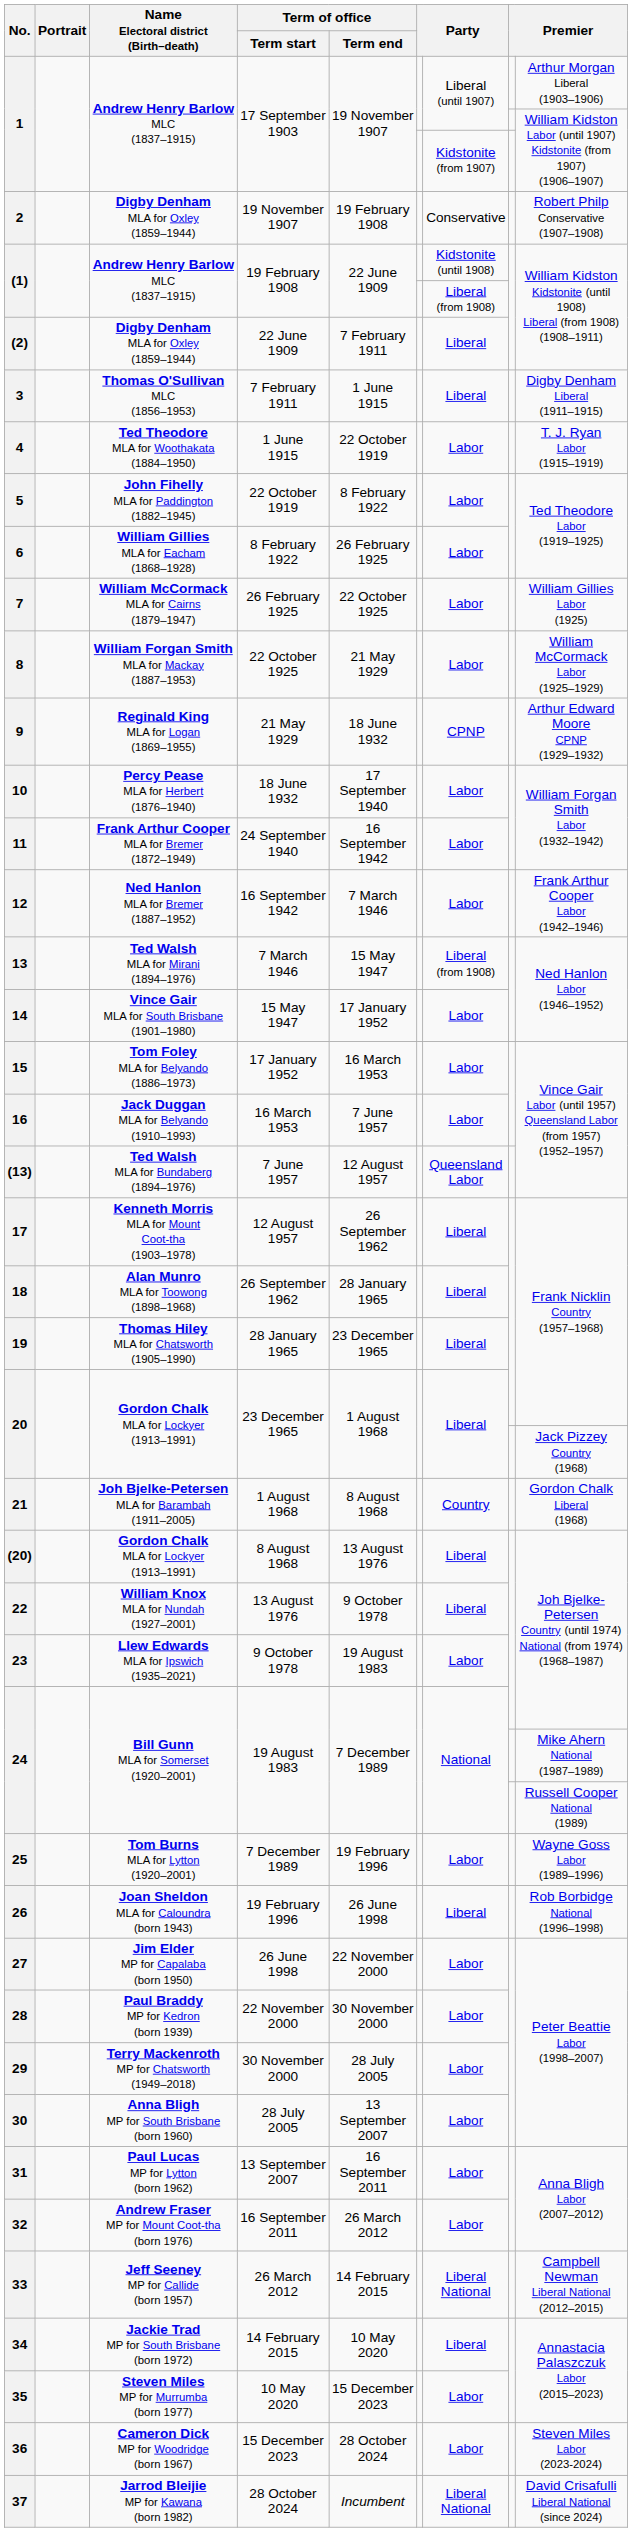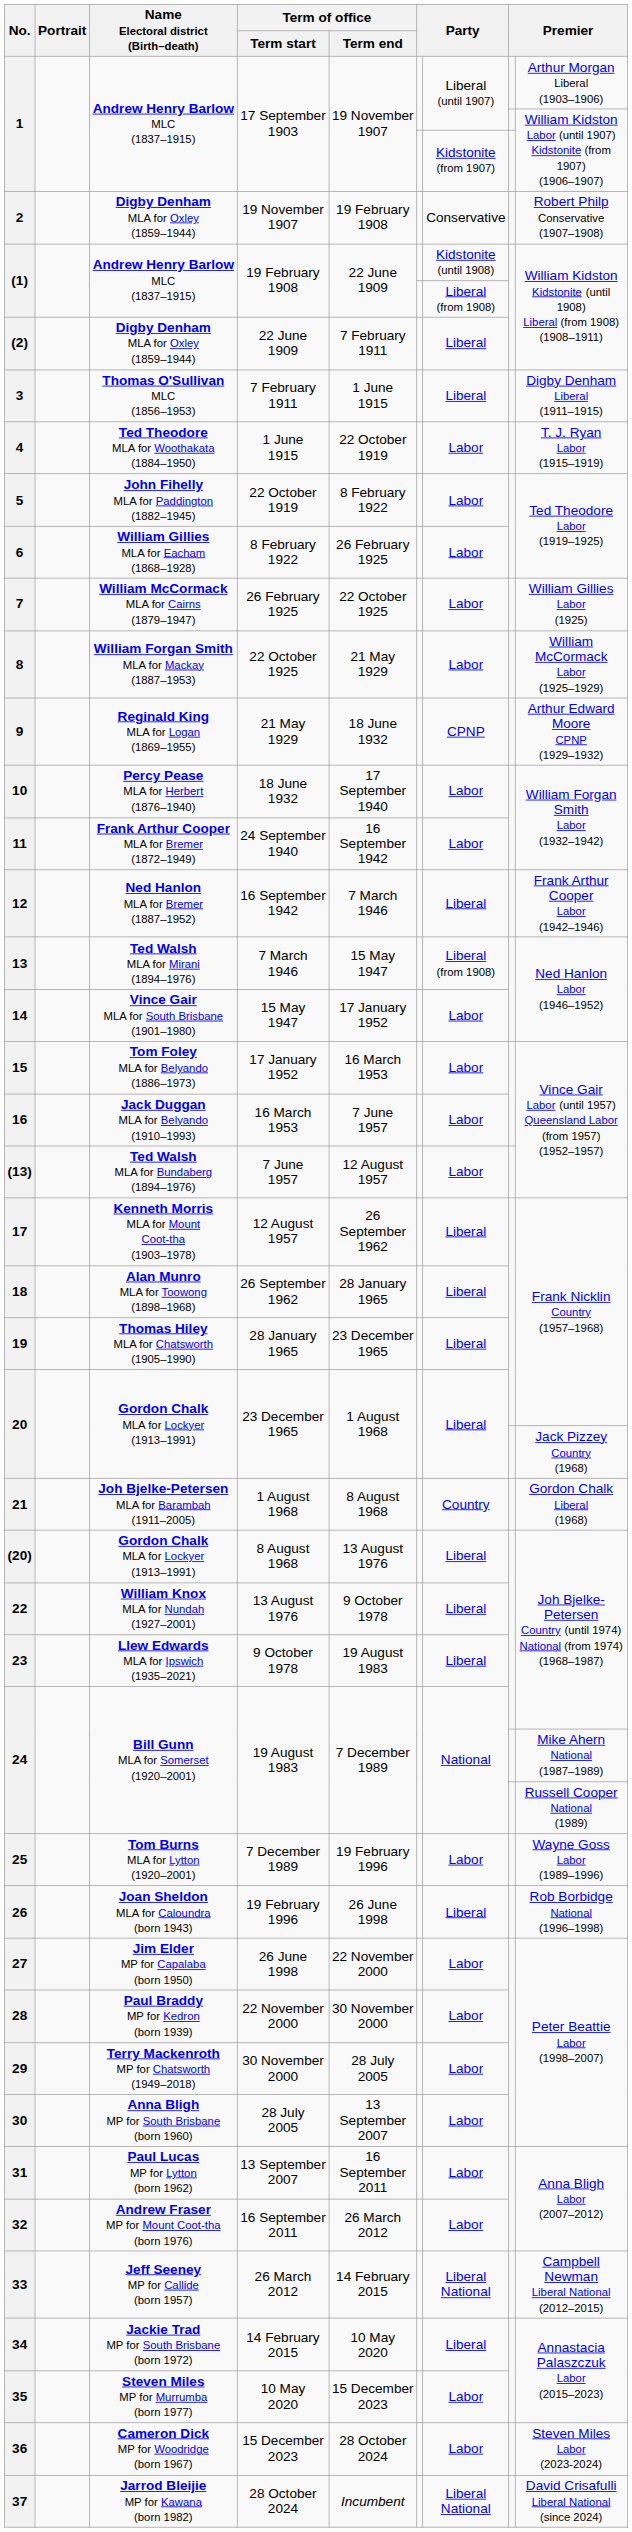 <table class="wikitable" style="text-align:center">
 <tr>
 <th rowspan="2">No.</th>
 <th rowspan="2" scope="col">Portrait</th>
 <th rowspan="2" scope="col"  width="150px">Name<br><small>Electoral district<br>(Birth–death)</small></th>
 <th colspan="2" scope="col">Term of office</th>
 <th colspan="2" rowspan="2">Party</th>
 <th colspan="2" rowspan="2">Premier</th>
 </tr>
 <tr>
 <th width="90px">Term start</th>
 <th width="90px">Term end</th>
 </tr>
 <tr>
 <th rowspan="3" style="white-space: nowrap;">1</th>
 <td rowspan="3" style="white-space: nowrap;"></td>
 <td rowspan="3" style="white-space: nowrap;"><strong><a href='#'>Andrew Henry Barlow</a></strong><br><small>MLC</small><br><small>(1837–1915)</small></td>
 <td rowspan="3" style="white-space: nowrap;">17 September<br>1903</td>
 <td rowspan="3" style="white-space: nowrap;">19 November<br>1907</td>
 <td rowspan="2" style="background:"></td>
 <td rowspan="2" width="75px" style="white-space: nowrap;">Liberal<br><small>(until 1907)</small></td>
 <td style="background:"></td>
 <td width="125px" style="white-space: nowrap;"><a href='#'>Arthur Morgan</a><br><small>Liberal</small><br><small>(1903–1906)</small></td>
 </tr>
 <tr style="height:25px">
 <td style="background:"></td>
 <td rowspan="2"><a href='#'>William Kidston</a><br><small><a href='#'>Labor</a> (until 1907)<br><a href='#'>Kidstonite</a> (from 1907)</small><br><small>(1906–1907)</small></td>
 </tr>
 <tr>
 <td style="background:"></td>
 <td><a href='#'>Kidstonite</a><br><small>(from 1907)</small></td>
 <td style="background:"></td>
 </tr>
 <tr>
 <th>2</th>
 <td></td>
 <td><strong><a href='#'>Digby Denham</a></strong><br><small>MLA for <a href='#'>Oxley</a></small><br><small>(1859–1944)</small></td>
 <td>19 November<br>1907</td>
 <td>19 February<br>1908</td>
 <td style="background:"></td>
 <td>Conservative</td>
 <td style="background:"></td>
 <td><a href='#'>Robert Philp</a><br><small>Conservative</small><br><small>(1907–1908)</small></td>
 </tr>
 <tr>
 <th rowspan="2">(1)</th>
 <td rowspan="2"></td>
 <td rowspan="2"><strong><a href='#'>Andrew Henry Barlow</a></strong><br><small>MLC</small><br><small>(1837–1915)</small></td>
 <td rowspan="2">19 February<br>1908</td>
 <td rowspan="2">22 June<br>1909</td>
 <td style="background:"></td>
 <td><a href='#'>Kidstonite</a><br><small>(until 1908)</small></td>
 <td rowspan="3" style="background:"></td>
 <td rowspan="3"><a href='#'>William Kidston</a><br><a href='#'><small>Kidstonite</small></a> <small>(until 1908)<br><a href='#'>Liberal</a> (from 1908)</small><br><small>(1908–1911)</small></td>
 </tr>
 <tr>
 <td style="background:"></td>
 <td><a href='#'>Liberal</a><br><small>(from 1908)</small></td>
 </tr>
 <tr>
 <th>(2)</th>
 <td></td>
 <td><strong><a href='#'>Digby Denham</a></strong><br><small>MLA for <a href='#'>Oxley</a></small><br><small>(1859–1944)</small></td>
 <td>22 June<br>1909</td>
 <td>7 February<br>1911</td>
 <td style="background:"></td>
 <td><a href='#'>Liberal</a></td>
 </tr>
 <tr>
 <th>3</th>
 <td></td>
 <td><strong><a href='#'>Thomas O'Sullivan</a></strong><br><small>MLC</small><br><small>(1856–1953)</small></td>
 <td>7 February<br>1911</td>
 <td>1 June<br>1915</td>
 <td style="background:"></td>
 <td><a href='#'>Liberal</a></td>
 <td style="background:"></td>
 <td><a href='#'>Digby Denham</a><br><a href='#'><small>Liberal</small></a><br><small>(1911–1915)</small></td>
 </tr>
 <tr>
 <th>4</th>
 <td></td>
 <td><strong><a href='#'>Ted Theodore</a></strong><br><small>MLA for <a href='#'>Woothakata</a></small><br><small>(1884–1950)</small></td>
 <td>1 June<br>1915</td>
 <td>22 October<br>1919</td>
 <td style="background:"></td>
 <td><a href='#'>Labor</a></td>
 <td style="background:"></td>
 <td><a href='#'>T. J. Ryan</a><br><a href='#'><small>Labor</small></a><br><small>(1915–1919)</small></td>
 </tr>
 <tr>
 <th>5</th>
 <td></td>
 <td><strong><a href='#'>John Fihelly</a></strong><br><small>MLA for <a href='#'>Paddington</a></small><br><small>(1882–1945)</small></td>
 <td>22 October<br>1919</td>
 <td>8 February<br>1922</td>
 <td style="background:"></td>
 <td><a href='#'>Labor</a></td>
 <td rowspan="2" style="background:"></td>
 <td rowspan="2"><a href='#'>Ted Theodore</a><br><a href='#'><small>Labor</small></a><br><small>(1919–1925)</small></td>
 </tr>
 <tr>
 <th>6</th>
 <td></td>
 <td><a href='#'><strong>William Gillies</strong></a><br><small>MLA for <a href='#'>Eacham</a></small><br><small>(1868–1928)</small></td>
 <td>8 February<br>1922</td>
 <td>26 February<br>1925</td>
 <td style="background:"></td>
 <td><a href='#'>Labor</a></td>
 </tr>
 <tr>
 <th>7</th>
 <td></td>
 <td><strong><a href='#'>William McCormack</a></strong><br><small>MLA for <a href='#'>Cairns</a></small><br><small>(1879–1947)</small></td>
 <td>26 February<br>1925</td>
 <td>22 October<br>1925</td>
 <td style="background:"></td>
 <td><a href='#'>Labor</a></td>
 <td style="background:"></td>
 <td><a href='#'>William Gillies</a><br><a href='#'><small>Labor</small></a><br><small>(1925)</small></td>
 </tr>
 <tr>
 <th>8</th>
 <td></td>
 <td><strong><a href='#'>William Forgan Smith</a></strong><br><small>MLA for <a href='#'>Mackay</a></small><br><small>(1887–1953)</small></td>
 <td>22 October<br>1925</td>
 <td>21 May<br>1929</td>
 <td style="background:"></td>
 <td><a href='#'>Labor</a></td>
 <td style="background:"></td>
 <td><a href='#'>William McCormack</a><br><a href='#'><small>Labor</small></a><br><small>(1925–1929)</small></td>
 </tr>
 <tr>
 <th>9</th>
 <td></td>
 <td><strong><a href='#'>Reginald King</a></strong><br><small>MLA for <a href='#'>Logan</a></small><br><small>(1869–1955)</small></td>
 <td>21 May<br>1929</td>
 <td>18 June<br>1932</td>
 <td style="background:"></td>
 <td><a href='#'>CPNP</a></td>
 <td style="background:"></td>
 <td><a href='#'>Arthur Edward Moore</a><br><a href='#'><small>CPNP</small></a><br><small>(1929–1932)</small></td>
 </tr>
 <tr>
 <th>10</th>
 <td></td>
 <td><strong><a href='#'>Percy Pease</a></strong><br><small>MLA for <a href='#'>Herbert</a></small><br><small>(1876–1940)</small></td>
 <td>18 June<br>1932</td>
 <td>17 September<br>1940</td>
 <td style="background:"></td>
 <td><a href='#'>Labor</a></td>
 <td rowspan="2" style="background:"></td>
 <td rowspan="2"><a href='#'>William Forgan Smith</a><br><a href='#'><small>Labor</small></a><br><small>(1932–1942)</small></td>
 </tr>
 <tr>
 <th>11</th>
 <td></td>
 <td><strong><a href='#'>Frank Arthur Cooper</a></strong><br><small>MLA for <a href='#'>Bremer</a></small><br><small>(1872–1949)</small></td>
 <td>24 September<br>1940</td>
 <td>16 September<br>1942</td>
 <td style="background:"></td>
 <td><a href='#'>Labor</a></td>
 </tr>
 <tr>
 <th>12</th>
 <td></td>
 <td><a href='#'><strong>Ned Hanlon</strong></a><br><small>MLA for <a href='#'>Bremer</a></small><br><small>(1887–1952)</small></td>
 <td>16 September<br>1942</td>
 <td>7 March<br>1946</td>
 <td style="background:"></td>
-<td><a href='#'>Labor</a></td>
+<td><a href='#'>Liberal</a></td>
 <td style="background:"></td>
 <td><a href='#'>Frank Arthur Cooper</a><br><a href='#'><small>Labor</small></a><br><small>(1942–1946)</small></td>
 </tr>
 <tr>
 <th>13</th>
 <td></td>
 <td><a href='#'><strong>Ted Walsh</strong></a><br><small>MLA for <a href='#'>Mirani</a></small><br><small>(1894–1976)</small></td>
 <td>7 March<br>1946</td>
 <td>15 May<br>1947</td>
 <td style="background:"></td>
 <td><a href='#'>Liberal</a><br><small>(from 1908)</small></td>
 <td rowspan="2" style="background:"></td>
 <td rowspan="2"><a href='#'>Ned Hanlon</a><br><a href='#'><small>Labor</small></a><br><small>(1946–1952)</small></td>
 </tr>
 <tr>
 <th>14</th>
 <td></td>
 <td><strong><a href='#'>Vince Gair</a></strong><br><small>MLA for <a href='#'>South Brisbane</a></small><br><small>(1901–1980)</small></td>
 <td>15 May<br>1947</td>
 <td>17 January<br>1952</td>
 <td style="background:"></td>
 <td><a href='#'>Labor</a></td>
 </tr>
 <tr>
 <th>15</th>
 <td></td>
 <td><a href='#'><strong>Tom Foley</strong></a><br><small>MLA for <a href='#'>Belyando</a></small><br><small>(1886–1973)</small></td>
 <td>17 January<br>1952</td>
 <td>16 March<br>1953</td>
 <td style="background:"></td>
 <td><a href='#'>Labor</a></td>
 <td rowspan="2" style="background:"></td>
 <td rowspan="3"><a href='#'>Vince Gair</a><br><a href='#'><small>Labor</small></a> <small>(until 1957)<br><a href='#'>Queensland Labor</a> (from 1957)</small><br><small>(1952–1957)</small></td>
 </tr>
 <tr>
 <th>16</th>
 <td></td>
 <td><a href='#'><strong>Jack Duggan</strong></a><br><small>MLA for <a href='#'>Belyando</a></small><br><small>(1910–1993)</small></td>
 <td>16 March<br>1953</td>
 <td>7 June<br>1957</td>
 <td style="background:"></td>
 <td><a href='#'>Labor</a></td>
 </tr>
 <tr>
 <th>(13)</th>
 <td></td>
 <td><a href='#'><strong>Ted Walsh</strong></a><br><small>MLA for <a href='#'>Bundaberg</a></small><br><small>(1894–1976)</small></td>
 <td>7 June<br>1957</td>
 <td>12 August<br>1957</td>
 <td style="background:"></td>
-<td><a href='#'>Queensland Labor</a></td>
+<td><a href='#'>Labor</a></td>
 <td style="background:"></td>
 </tr>
 <tr>
 <th>17</th>
 <td></td>
 <td><a href='#'><strong>Kenneth Morris</strong></a><br><small>MLA for <a href='#'>Mount<br>Coot-tha</a></small><br><small>(1903–1978)</small></td>
 <td>12 August<br>1957</td>
 <td>26 September<br>1962</td>
 <td style="background:"></td>
 <td><a href='#'>Liberal</a></td>
 <td rowspan="4" style="background:"></td>
 <td rowspan="4"><a href='#'>Frank Nicklin</a><br><small><a href='#'>Country</a></small><br><small>(1957–1968)</small></td>
 </tr>
 <tr>
 <th>18</th>
 <td></td>
 <td><a href='#'><strong>Alan Munro</strong></a><br><small>MLA for <a href='#'>Toowong</a></small><br><small>(1898–1968)</small></td>
 <td>26 September<br>1962</td>
 <td>28 January<br>1965</td>
 <td style="background:"></td>
 <td><a href='#'>Liberal</a></td>
 </tr>
 <tr>
 <th>19</th>
 <td></td>
 <td><strong><a href='#'>Thomas Hiley</a></strong><br><small>MLA for <a href='#'>Chatsworth</a></small><br><small>(1905–1990)</small></td>
 <td>28 January<br>1965</td>
 <td>23 December<br>1965</td>
 <td style="background:"></td>
 <td><a href='#'>Liberal</a></td>
 </tr>
 <tr style="height:66px">
 <th rowspan="2">20</th>
 <td rowspan="2"></td>
 <td rowspan="2"><strong><a href='#'>Gordon Chalk</a></strong><br><small>MLA for <a href='#'>Lockyer</a></small><br><small>(1913–1991)</small></td>
 <td rowspan="2">23 December<br>1965</td>
 <td rowspan="2">1 August<br>1968</td>
 <td rowspan="2" style="background:"></td>
 <td rowspan="2"><a href='#'>Liberal</a></td>
 </tr>
 <tr>
 <td style="background:"></td>
 <td><a href='#'>Jack Pizzey</a><br><small><a href='#'>Country</a></small><br><small>(1968)</small></td>
 </tr>
 <tr>
 <th>21</th>
 <td></td>
 <td><strong><a href='#'>Joh Bjelke-Petersen</a></strong><br><small>MLA for <a href='#'>Barambah</a></small><br><small>(1911–2005)</small></td>
 <td>1 August<br>1968</td>
 <td>8 August<br>1968</td>
 <td style="background:"></td>
 <td><a href='#'>Country</a></td>
 <td style="background:"></td>
 <td><a href='#'>Gordon Chalk</a><br><a href='#'><small>Liberal</small></a><br><small>(1968)</small></td>
 </tr>
 <tr>
 <th>(20)</th>
 <td></td>
 <td><strong><a href='#'>Gordon Chalk</a></strong><br><small>MLA for <a href='#'>Lockyer</a></small><br><small>(1913–1991)</small></td>
 <td>8 August<br>1968</td>
 <td>13 August<br>1976</td>
 <td style="background:"></td>
 <td><a href='#'>Liberal</a></td>
 <td rowspan="4" style="background:"></td>
 <td rowspan="4"><a href='#'>Joh Bjelke-Petersen</a><br><a href='#'><small>Country</small></a> <small>(until 1974)<br><a href='#'>National</a> (from 1974)</small><br><small>(1968–1987)</small></td>
 </tr>
 <tr>
 <th>22</th>
 <td></td>
 <td><a href='#'><strong>William Knox</strong></a><br><small>MLA for <a href='#'>Nundah</a></small><br><small>(1927–2001)</small></td>
 <td>13 August<br>1976</td>
 <td>9 October<br>1978</td>
 <td style="background:"></td>
 <td><a href='#'>Liberal</a></td>
 </tr>
 <tr>
 <th>23</th>
 <td></td>
 <td><strong><a href='#'>Llew Edwards</a></strong><br><small>MLA for <a href='#'>Ipswich</a></small><br><small>(1935–2021)</small></td>
 <td>9 October<br>1978</td>
 <td>19 August<br>1983</td>
 <td style="background:"></td>
-<td><a href='#'>Labor</a></td>
+<td><a href='#'>Liberal</a></td>
 </tr>
 <tr style="height:50px">
 <th rowspan="3">24</th>
 <td rowspan="3"></td>
 <td rowspan="3"><a href='#'><strong>Bill Gunn</strong></a><br><small>MLA for <a href='#'>Somerset</a></small><br><small>(1920–2001)</small></td>
 <td rowspan="3">19 August<br>1983</td>
 <td rowspan="3">7 December<br>1989</td>
 <td rowspan="3" style="background:"></td>
 <td rowspan="3"><a href='#'>National</a></td>
 </tr>
 <tr>
 <td style="background:"></td>
 <td><a href='#'>Mike Ahern</a><small><br><a href='#'>National</a></small><br><small>(1987–1989)</small></td>
 </tr>
 <tr>
 <td style="background:"></td>
 <td><a href='#'>Russell Cooper</a><small><br><a href='#'>National</a></small><br><small>(1989)</small></td>
 </tr>
 <tr>
 <th>25</th>
 <td></td>
 <td><a href='#'><strong>Tom Burns</strong></a><br><small>MLA for <a href='#'>Lytton</a></small><br><small>(1920–2001)</small></td>
 <td>7 December<br>1989</td>
 <td>19 February<br>1996</td>
 <td style="background:"></td>
 <td><a href='#'>Labor</a></td>
 <td style="background:"></td>
 <td><a href='#'>Wayne Goss</a><small><br><a href='#'>Labor</a></small><br><small>(1989–1996)</small></td>
 </tr>
 <tr>
 <th>26</th>
 <td></td>
 <td><strong><a href='#'>Joan Sheldon</a></strong><br><small>MLA for <a href='#'>Caloundra</a></small><br><small>(born 1943)</small></td>
 <td>19 February<br>1996</td>
 <td>26 June<br>1998</td>
 <td style="background:"></td>
 <td><a href='#'>Liberal</a></td>
 <td style="background:"></td>
 <td><a href='#'>Rob Borbidge</a><small><br><a href='#'>National</a></small><br><small>(1996–1998)</small></td>
 </tr>
 <tr>
 <th>27</th>
 <td></td>
 <td><a href='#'><strong>Jim Elder</strong></a><br><small>MP for <a href='#'>Capalaba</a></small><br><small>(born 1950)</small></td>
 <td>26 June<br>1998</td>
 <td>22 November<br>2000</td>
 <td style="background:"></td>
 <td><a href='#'>Labor</a></td>
 <td rowspan="4" style="background:"></td>
 <td rowspan="4"><a href='#'>Peter Beattie</a><small><br><a href='#'>Labor</a></small><br><small>(1998–2007)</small></td>
 </tr>
 <tr>
 <th>28</th>
 <td></td>
 <td><strong><a href='#'>Paul Braddy</a></strong><br><small>MP for <a href='#'>Kedron</a></small><br><small>(born 1939)</small></td>
 <td>22 November<br>2000</td>
 <td>30 November<br>2000</td>
 <td style="background:"></td>
 <td><a href='#'>Labor</a></td>
 </tr>
 <tr>
 <th>29</th>
 <td></td>
 <td><strong><a href='#'>Terry Mackenroth</a></strong><br><small>MP for <a href='#'>Chatsworth</a></small><br><small>(1949–2018)</small></td>
 <td>30 November<br>2000</td>
 <td>28 July<br>2005</td>
 <td style="background:"></td>
 <td><a href='#'>Labor</a></td>
 </tr>
 <tr>
 <th>30</th>
 <td></td>
 <td><strong><a href='#'>Anna Bligh</a></strong><br><small>MP for <a href='#'>South Brisbane</a></small><br><small>(born 1960)</small></td>
 <td>28 July<br>2005</td>
 <td>13 September<br>2007</td>
 <td style="background:"></td>
 <td><a href='#'>Labor</a></td>
 </tr>
 <tr>
 <th>31</th>
 <td></td>
 <td><a href='#'><strong>Paul Lucas</strong></a><br><small>MP for <a href='#'>Lytton</a></small><br><small>(born 1962)</small></td>
 <td>13 September<br>2007</td>
 <td>16 September<br>2011</td>
 <td style="background:"></td>
 <td><a href='#'>Labor</a></td>
 <td rowspan="2" style="background:"></td>
 <td rowspan="2"><a href='#'>Anna Bligh</a><small><br><a href='#'>Labor</a></small><br><small>(2007–2012)</small></td>
 </tr>
 <tr>
 <th>32</th>
 <td></td>
 <td><a href='#'><strong>Andrew Fraser</strong></a><br><small>MP for <a href='#'>Mount Coot-tha</a></small><br><small>(born 1976)</small></td>
 <td>16 September<br>2011</td>
 <td>26 March<br>2012</td>
 <td style="background:"></td>
 <td><a href='#'>Labor</a></td>
 </tr>
 <tr>
 <th>33</th>
 <td></td>
 <td><strong><a href='#'>Jeff Seeney</a></strong><br><small>MP for <a href='#'>Callide</a></small><br><small>(born 1957)</small></td>
 <td>26 March<br>2012</td>
 <td>14 February<br>2015</td>
 <td style="background:"></td>
 <td><a href='#'>Liberal National</a></td>
 <td style="background:"></td>
 <td><a href='#'>Campbell Newman</a><small><br><a href='#'>Liberal National</a></small><br><small>(2012–2015)</small></td>
 </tr>
 <tr>
 <th>34</th>
 <td></td>
 <td><strong><a href='#'>Jackie Trad</a></strong><br><small>MP for <a href='#'>South Brisbane</a></small><br><small>(born 1972)</small></td>
 <td>14 February<br>2015</td>
 <td>10 May<br>2020</td>
 <td style="background:"></td>
 <td><a href='#'>Liberal</a></td>
 <td rowspan="2" style="background:"></td>
 <td rowspan="2"><a href='#'>Annastacia Palaszczuk</a><small><br><a href='#'>Labor</a></small><br><small>(2015–2023)</small></td>
 </tr>
 <tr>
 <th>35</th>
 <td></td>
 <td><a href='#'><strong>Steven Miles</strong></a><br><small>MP for <a href='#'>Murrumba</a></small><br><small>(born 1977)</small></td>
 <td>10 May<br>2020</td>
 <td>15 December<br>2023</td>
 <td style="background:"></td>
 <td><a href='#'>Labor</a></td>
 </tr>
 <tr>
 <th>36</th>
 <td></td>
 <td><strong><a href='#'>Cameron Dick</a></strong><br><small>MP for <a href='#'> Woodridge</a></small><br><small>(born 1967)</small></td>
 <td>15 December<br>2023</td>
 <td>28 October<br>2024</td>
 <td style="background:"></td>
 <td><a href='#'>Labor</a></td>
 <td style="background:"></td>
 <td><a href='#'>Steven Miles</a><small><br><a href='#'>Labor</a></small><br><small>(2023-2024)</small></td>
 </tr>
 <tr>
 <th>37</th>
 <td></td>
 <td><strong><a href='#'>Jarrod Bleijie</a></strong><br><small>MP for <a href='#'> Kawana</a></small><br><small>(born 1982)</small></td>
 <td>28 October<br>2024</td>
 <td><em>Incumbent</em></td>
 <td style="background:"></td>
 <td><a href='#'>Liberal National</a></td>
 <td style="background:"></td>
 <td><a href='#'>David Crisafulli</a><small><br><a href='#'>Liberal National</a></small><br><small>(since 2024)</small></td>
 </tr>
 </table>
